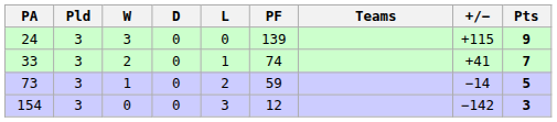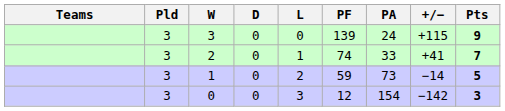 <table class="wikitable" style="text-align: center;">
 <tr>
-<th width="40">PA</th>
+<th width="140">Teams</th>
 <th width="40">Pld</th>
 <th width="40">W</th>
 <th width="40">D</th>
 <th width="40">L</th>
 <th width="40">PF</th>
-<th width="140">Teams</th>
+<th width="40">PA</th>
 <th width="40">+/−</th>
 <th width="40">Pts</th>
 </tr>
 <tr bgcolor=ccffcc>
-<td>24</td>
+<td align=left></td>
 <td>3</td>
 <td>3</td>
 <td>0</td>
 <td>0</td>
 <td>139</td>
-<td align=left></td>
+<td>24</td>
 <td>+115</td>
 <td><strong>9</strong></td>
 </tr>
 <tr bgcolor=ccffcc>
-<td>33</td>
+<td align=left></td>
 <td>3</td>
 <td>2</td>
 <td>0</td>
 <td>1</td>
 <td>74</td>
-<td align=left></td>
+<td>33</td>
 <td>+41</td>
 <td><strong>7</strong></td>
 </tr>
 <tr bgcolor=ccccff>
-<td>73</td>
+<td align=left></td>
 <td>3</td>
 <td>1</td>
 <td>0</td>
 <td>2</td>
 <td>59</td>
-<td align=left></td>
+<td>73</td>
 <td>−14</td>
 <td><strong>5</strong></td>
 </tr>
 <tr bgcolor=ccccff>
-<td>154</td>
+<td align=left></td>
 <td>3</td>
 <td>0</td>
 <td>0</td>
 <td>3</td>
 <td>12</td>
-<td align=left></td>
+<td>154</td>
 <td>−142</td>
 <td><strong>3</strong></td>
 </tr>
 </table>
